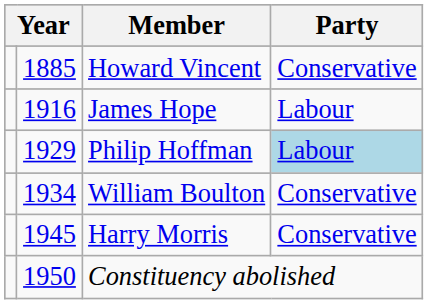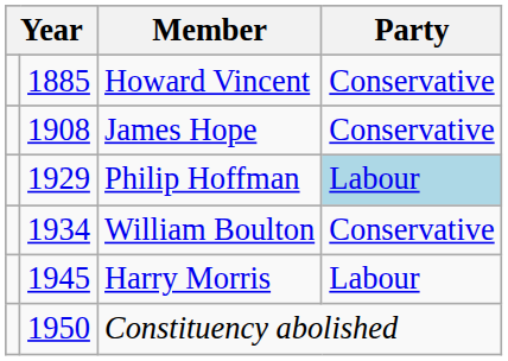 <table class="wikitable">
 <tr>
 <th colspan="2">Year</th>
 <th>Member</th>
 <th>Party</th>
 </tr>
 <tr>
 <td style="color:inherit;background-color: "></td>
 <td><a href='#'>1885</a></td>
 <td><a href='#'>Howard Vincent</a></td>
 <td><a href='#'>Conservative</a></td>
 </tr>
 <tr>
 <td style="color:inherit;background-color: "></td>
-<td><a href='#'>1916</a></td>
+<td><a href='#'>1908</a></td>
 <td><a href='#'>James Hope</a></td>
-<td><a href='#'>Labour</a></td>
+<td><a href='#'>Conservative</a></td>
 </tr>
 <tr>
 <td style="color:inherit;background-color: "></td>
 <td><a href='#'>1929</a></td>
 <td><a href='#'>Philip Hoffman</a></td>
 <td style="background: lightblue;"><a href='#'>Labour</a></td>
 </tr>
 <tr>
 <td style="color:inherit;background-color: "></td>
 <td><a href='#'>1934</a></td>
 <td><a href='#'>William Boulton</a></td>
 <td><a href='#'>Conservative</a></td>
 </tr>
 <tr>
 <td style="color:inherit;background-color: "></td>
 <td><a href='#'>1945</a></td>
 <td><a href='#'>Harry Morris</a></td>
-<td><a href='#'>Conservative</a></td>
+<td><a href='#'>Labour</a></td>
 </tr>
 <tr>
 <td></td>
 <td><a href='#'>1950</a></td>
 <td colspan="2"><em>Constituency abolished</em></td>
 </tr>
 </table>
